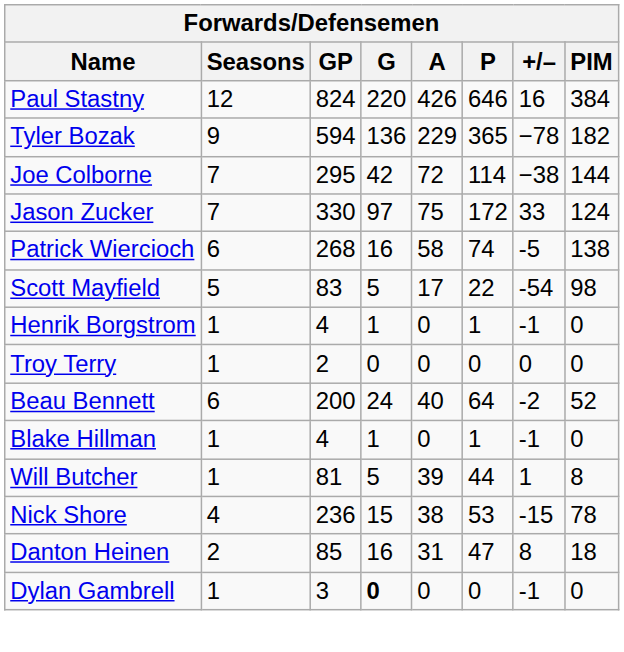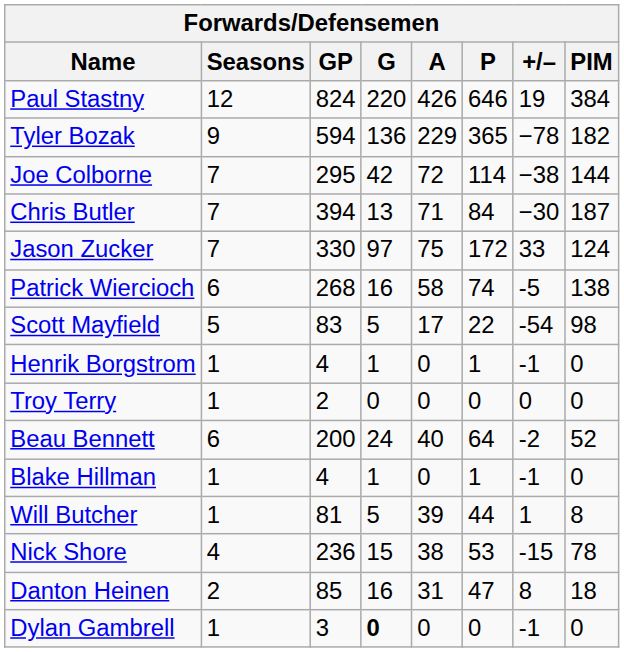 <table class="wikitable sortable">
 <tr>
 <th colspan=8 !>Forwards/Defensemen</th>
 </tr>
 <tr>
 <th>Name</th>
 <th>Seasons</th>
 <th>GP</th>
 <th>G</th>
 <th>A</th>
 <th>P</th>
 <th>+/–</th>
 <th>PIM</th>
 </tr>
 <tr>
 <td><a href='#'>Paul Stastny</a></td>
 <td>12</td>
 <td>824</td>
 <td>220</td>
 <td>426</td>
 <td>646</td>
-<td>16</td>
+<td>19</td>
 <td>384</td>
 </tr>
 <tr>
 <td><a href='#'>Tyler Bozak</a></td>
 <td>9</td>
 <td>594</td>
 <td>136</td>
 <td>229</td>
 <td>365</td>
 <td>−78</td>
 <td>182</td>
 </tr>
 <tr>
 <td><a href='#'>Joe Colborne</a></td>
 <td>7</td>
 <td>295</td>
 <td>42</td>
 <td>72</td>
 <td>114</td>
 <td>−38</td>
 <td>144</td>
+</tr>
+<tr>
+<td><a href='#'>Chris Butler</a></td>
+<td>7</td>
+<td>394</td>
+<td>13</td>
+<td>71</td>
+<td>84</td>
+<td>−30</td>
+<td>187</td>
 </tr>
 <tr>
 <td><a href='#'>Jason Zucker</a></td>
 <td>7</td>
 <td>330</td>
 <td>97</td>
 <td>75</td>
 <td>172</td>
 <td>33</td>
 <td>124</td>
 </tr>
 <tr>
 <td><a href='#'>Patrick Wiercioch</a></td>
 <td>6</td>
 <td>268</td>
 <td>16</td>
 <td>58</td>
 <td>74</td>
 <td>-5</td>
 <td>138</td>
 </tr>
 <tr>
 <td><a href='#'>Scott Mayfield</a></td>
 <td>5</td>
 <td>83</td>
 <td>5</td>
 <td>17</td>
 <td>22</td>
 <td>-54</td>
 <td>98</td>
 </tr>
 <tr>
 <td><a href='#'>Henrik Borgstrom</a></td>
 <td>1</td>
 <td>4</td>
 <td>1</td>
 <td>0</td>
 <td>1</td>
 <td>-1</td>
 <td>0</td>
 </tr>
 <tr>
 <td><a href='#'>Troy Terry</a></td>
 <td>1</td>
 <td>2</td>
 <td>0</td>
 <td>0</td>
 <td>0</td>
 <td>0</td>
 <td>0</td>
 </tr>
 <tr>
 <td><a href='#'>Beau Bennett</a></td>
 <td>6</td>
 <td>200</td>
 <td>24</td>
 <td>40</td>
 <td>64</td>
 <td>-2</td>
 <td>52</td>
 </tr>
 <tr>
 <td><a href='#'>Blake Hillman</a></td>
 <td>1</td>
 <td>4</td>
 <td>1</td>
 <td>0</td>
 <td>1</td>
 <td>-1</td>
 <td>0</td>
 </tr>
 <tr>
 <td><a href='#'>Will Butcher</a></td>
 <td>1</td>
 <td>81</td>
 <td>5</td>
 <td>39</td>
 <td>44</td>
 <td>1</td>
 <td>8</td>
 </tr>
 <tr>
 <td><a href='#'>Nick Shore</a></td>
 <td>4</td>
 <td>236</td>
 <td>15</td>
 <td>38</td>
 <td>53</td>
 <td>-15</td>
 <td>78</td>
 </tr>
 <tr>
 <td><a href='#'>Danton Heinen</a></td>
 <td>2</td>
 <td>85</td>
 <td>16</td>
 <td>31</td>
 <td>47</td>
 <td>8</td>
 <td>18</td>
 </tr>
 <tr>
 <td><a href='#'>Dylan Gambrell</a></td>
 <td>1</td>
 <td>3</td>
 <td><strong>0</strong></td>
 <td>0</td>
 <td>0</td>
 <td>-1</td>
 <td>0</td>
 </tr>
 </table>
